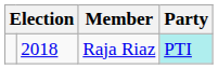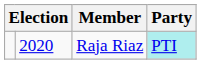 <table class="wikitable">
 <tr>
 <th colspan="2">Election</th>
 <th>Member</th>
 <th>Party</th>
 </tr>
 <tr>
 <td style="background-color: "></td>
-<td><a href='#'>2018</a></td>
+<td><a href='#'>2020</a></td>
 <td><a href='#'>Raja Riaz</a></td>
 <td style="background: paleturquoise;"><a href='#'>PTI</a></td>
 </tr>
 </table>
